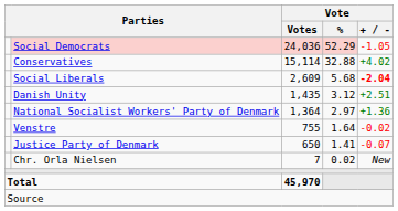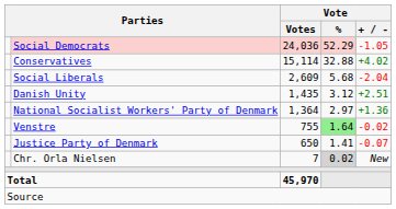 <table class="wikitable" style="text-align:right;">
 <tr>
 <th style="text-align:centre;" rowspan="2" colspan="2" width="225">Parties</th>
 <th colspan="3">Vote</th>
 </tr>
 <tr>
 <th width="15">Votes</th>
 <th width="15">%</th>
 <th width="15">+ / -</th>
 </tr>
 <tr>
 <td width="2" style="color:inherit;background:"></td>
 <td bgcolor=#fbd0ce  align="left"><a href='#'>Social Democrats</a></td>
 <td bgcolor=#fbd0ce>24,036</td>
 <td bgcolor=#fbd0ce>52.29</td>
 <td style=color:red;>-1.05</td>
 </tr>
 <tr>
 <td width="2" style="color:inherit;background:"></td>
 <td align="left"><a href='#'>Conservatives</a></td>
 <td>15,114</td>
 <td>32.88</td>
 <td style=color:green;>+4.02</td>
 </tr>
 <tr>
 <td width="2" style="color:inherit;background:"></td>
 <td align="left"><a href='#'>Social Liberals</a></td>
 <td>2,609</td>
 <td>5.68</td>
-<td style=color:red;><strong>-2.04</strong></td>
+<td style=color:red;>-2.04</td>
 </tr>
 <tr>
 <td width="2" style="color:inherit;background:"></td>
 <td align="left"><a href='#'>Danish Unity</a></td>
 <td>1,435</td>
 <td>3.12</td>
 <td style=color:green;>+2.51</td>
 </tr>
 <tr>
 <td width="2" style="color:inherit;background:"></td>
 <td align="left"><a href='#'>National Socialist Workers' Party of Denmark</a></td>
 <td>1,364</td>
 <td>2.97</td>
 <td style=color:green;>+1.36</td>
 </tr>
 <tr>
 <td width="2" style="color:inherit;background:"></td>
 <td align="left"><a href='#'>Venstre</a></td>
 <td>755</td>
-<td>1.64</td>
+<td style="background: lightgreen;">1.64</td>
 <td style=color:red;>-0.02</td>
 </tr>
 <tr>
 <td width="2" style="color:inherit;background:"></td>
 <td align="left"><a href='#'>Justice Party of Denmark</a></td>
 <td>650</td>
 <td>1.41</td>
 <td style=color:red;>-0.07</td>
 </tr>
 <tr>
 <td width="2" style="color:inherit;background:"></td>
 <td align="left">Chr. Orla Nielsen</td>
 <td>7</td>
-<td>0.02</td>
+<td style="background: lightgrey;">0.02</td>
 <td><em>New</em></td>
 </tr>
 <tr>
 <td colspan="7" bgcolor="#E9E9E9"></td>
 </tr>
 <tr>
 <td align="left" colspan="2"><strong>Total</strong></td>
 <td><strong>45,970</strong></td>
 <td bgcolor="#E9E9E9" colspan="2"></td>
 </tr>
 <tr>
 <td align="left" colspan="6">Source</td>
 </tr>
 </table>
